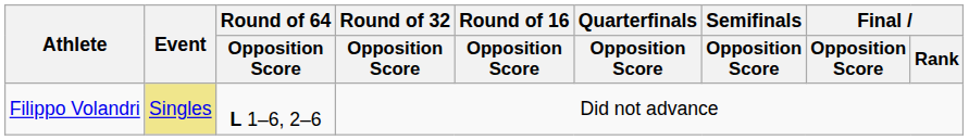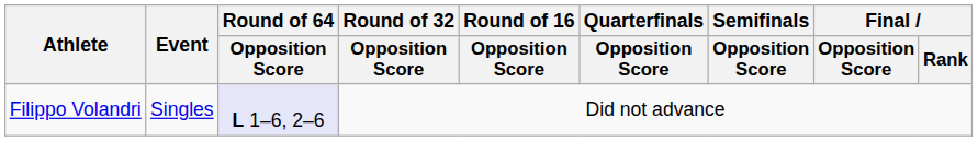 <table class=wikitable style="font-size:90%">
 <tr>
 <th rowspan="2">Athlete</th>
 <th rowspan="2">Event</th>
 <th>Round of 64</th>
 <th>Round of 32</th>
 <th>Round of 16</th>
 <th>Quarterfinals</th>
 <th>Semifinals</th>
 <th colspan=2>Final / </th>
 </tr>
 <tr style="font-size:95%">
 <th>Opposition<br>Score</th>
 <th>Opposition<br>Score</th>
 <th>Opposition<br>Score</th>
 <th>Opposition<br>Score</th>
 <th>Opposition<br>Score</th>
 <th>Opposition<br>Score</th>
 <th>Rank</th>
 </tr>
 <tr align=center>
 <td align=left><a href='#'>Filippo Volandri</a></td>
-<td align=left style="background: khaki;"><a href='#'>Singles</a></td>
-<td><br><strong>L</strong> 1–6, 2–6</td>
+<td align=left><a href='#'>Singles</a></td>
+<td style="background: lavender;"><br><strong>L</strong> 1–6, 2–6</td>
 <td colspan=6>Did not advance</td>
 </tr>
 </table>
